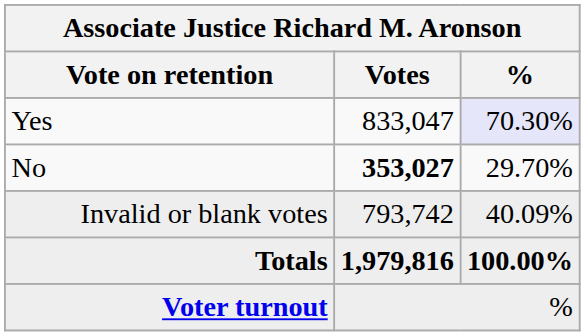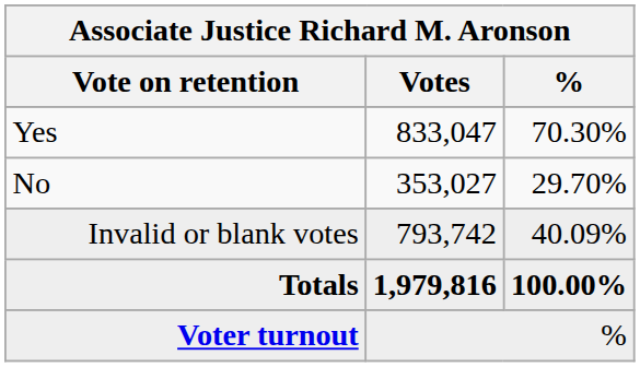 <table class="wikitable" style="font-size: 95%;">
 <tr style="background-color:#E9E9E9">
 <th colspan=7>Associate Justice Richard M. Aronson</th>
 </tr>
 <tr style="background-color:#E9E9E9">
 <th style="width: 170px">Vote on retention</th>
 <th style="width: 50px">Votes</th>
 <th style="width: 40px">%</th>
 </tr>
 <tr>
 <td>Yes</td>
 <td align="right">833,047</td>
-<td align="right" style="background: lavender;">70.30%</td>
+<td align="right">70.30%</td>
 </tr>
 <tr>
 <td>No</td>
-<td align="right"><strong>353,027</strong></td>
+<td align="right">353,027</td>
 <td align="right">29.70%</td>
 </tr>
 <tr bgcolor="#EEEEEE">
 <td align="right">Invalid or blank votes</td>
 <td align="right">793,742</td>
 <td align="right">40.09%</td>
 </tr>
 <tr bgcolor="#EEEEEE">
 <td align="right"><strong>Totals</strong></td>
 <td align="right"><strong>1,979,816</strong></td>
 <td align="right"><strong>100.00%</strong></td>
 </tr>
 <tr bgcolor="#EEEEEE">
 <td align="right"><strong><a href='#'>Voter turnout</a></strong></td>
 <td colspan="2" align="right">%</td>
 </tr>
 </table>
